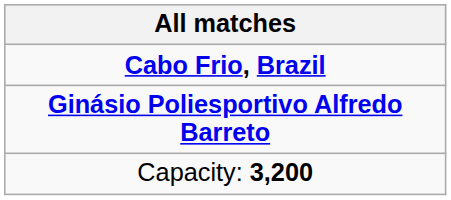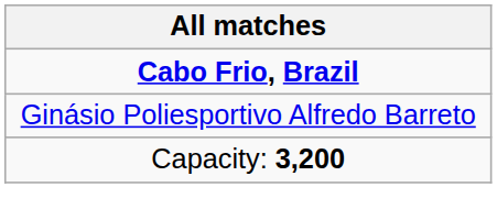 <table class=wikitable style=text-align:center width=280>
 <tr>
 <th>All matches</th>
 </tr>
 <tr>
 <td> <strong><a href='#'>Cabo Frio</a>, <a href='#'>Brazil</a></strong></td>
 </tr>
 <tr>
-<td><strong><a href='#'>Ginásio Poliesportivo Alfredo Barreto</a></strong></td>
+<td><a href='#'>Ginásio Poliesportivo Alfredo Barreto</a></td>
 </tr>
 <tr>
 <td>Capacity: <strong>3,200</strong></td>
 </tr>
 </table>
